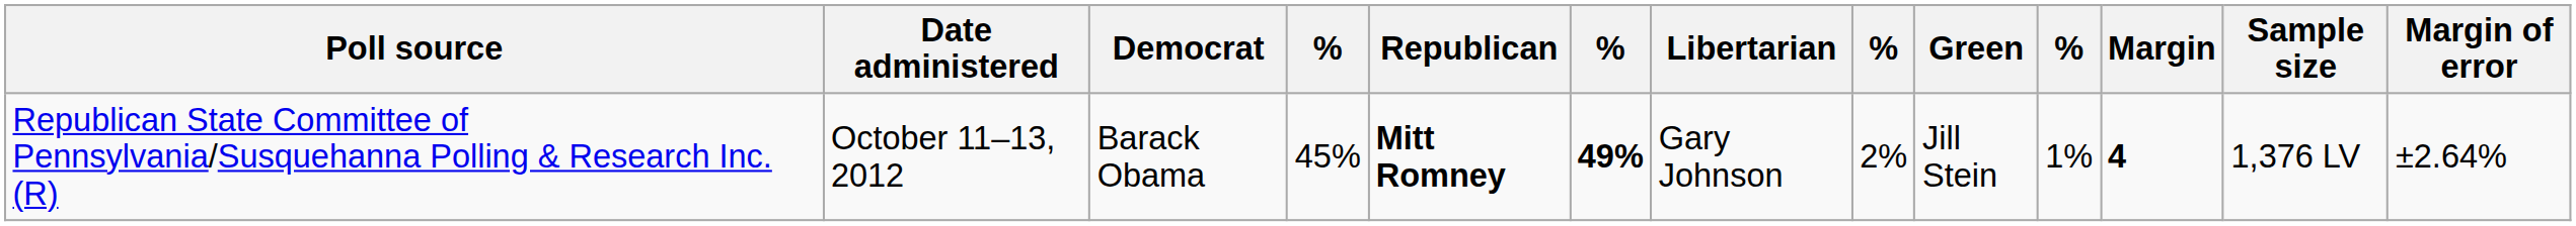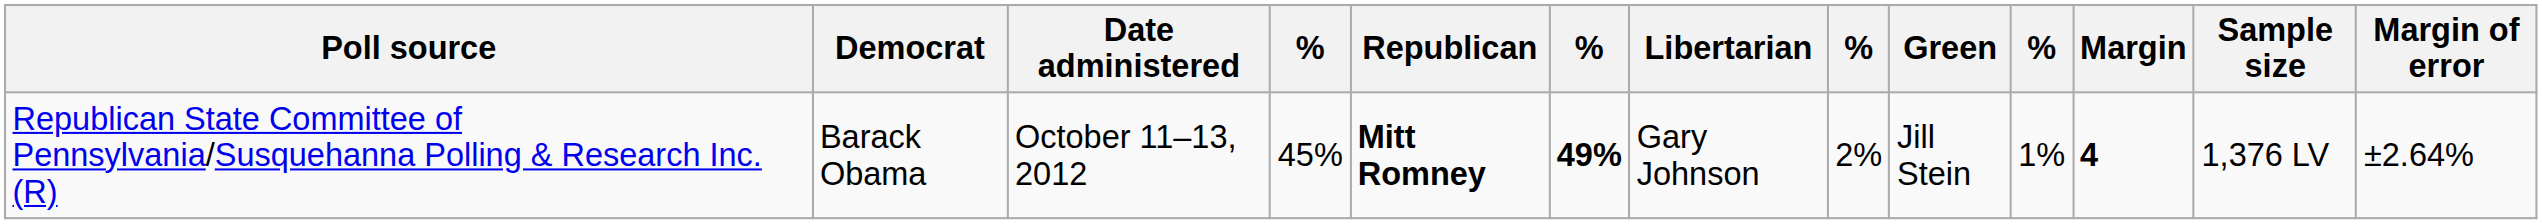 <table class="wikitable">
 <tr>
 <th>Poll source</th>
+<th>Democrat</th>
 <th>Date administered</th>
-<th>Democrat</th>
 <th>%</th>
 <th>Republican</th>
 <th>%</th>
 <th>Libertarian</th>
 <th>%</th>
 <th>Green</th>
 <th>%</th>
 <th>Margin</th>
 <th>Sample size</th>
 <th>Margin of error</th>
 </tr>
 <tr>
 <td><a href='#'>Republican State Committee of Pennsylvania</a>/<a href='#'>Susquehanna Polling & Research Inc. (R)</a></td>
+<td>Barack Obama</td>
 <td>October 11–13, 2012</td>
-<td>Barack Obama</td>
 <td>45%</td>
 <td><strong>Mitt Romney</strong></td>
 <td><strong>49%</strong></td>
 <td>Gary Johnson</td>
 <td>2%</td>
 <td>Jill Stein</td>
 <td>1%</td>
 <td><strong>4</strong></td>
 <td>1,376 LV</td>
 <td>±2.64%</td>
 </tr>
 </table>
